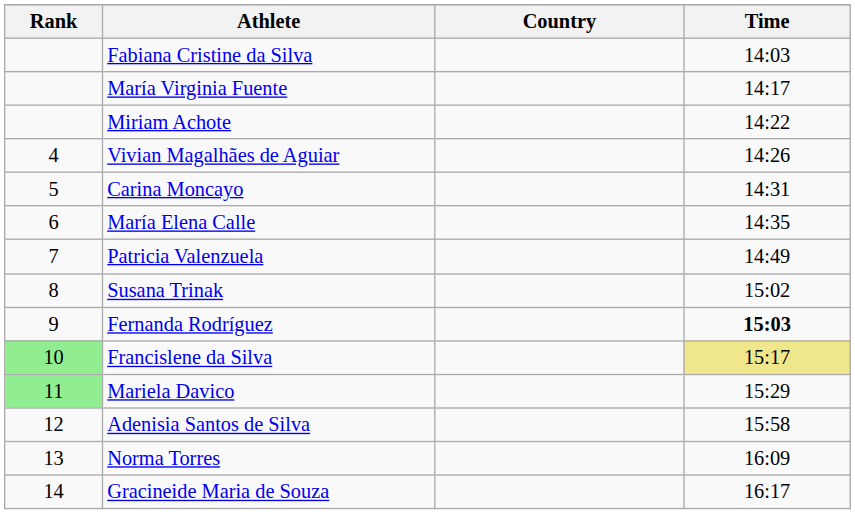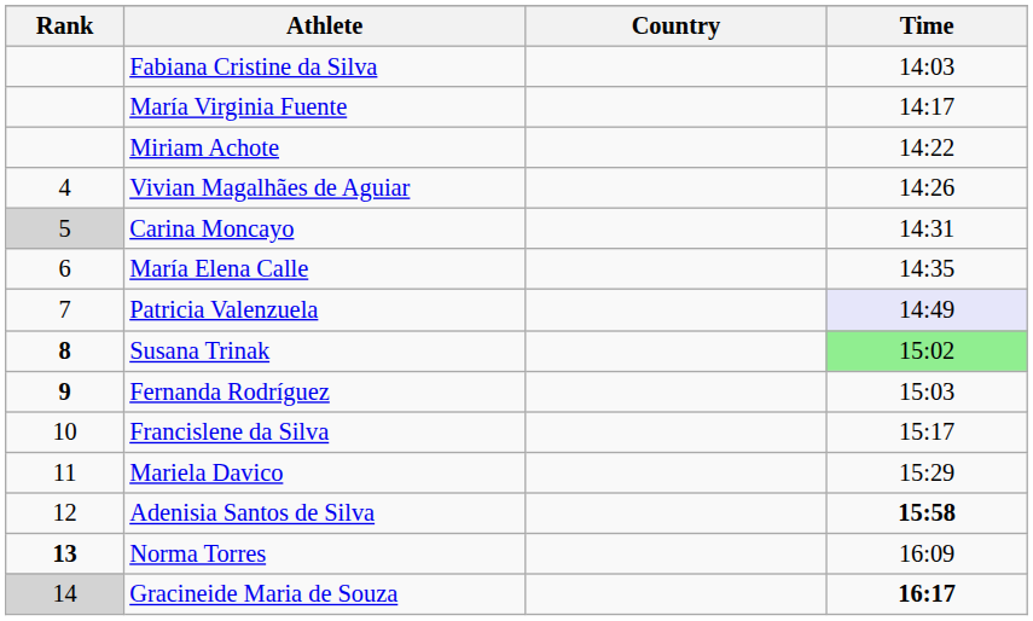 <table class="wikitable sortable" style=" text-align:center; font-size:95%;" width="50%">
 <tr>
 </tr>
 <tr>
 <th width=5%>Rank</th>
 <th width=20%>Athlete</th>
 <th width=15%>Country</th>
 <th width=10%>Time</th>
 </tr>
 <tr>
 <td align=center></td>
 <td align=left><a href='#'>Fabiana Cristine da Silva</a></td>
 <td align=left></td>
 <td>14:03</td>
 </tr>
 <tr>
 <td align=center></td>
 <td align=left><a href='#'>María Virginia Fuente</a></td>
 <td align=left></td>
 <td>14:17</td>
 </tr>
 <tr>
 <td align=center></td>
 <td align=left><a href='#'>Miriam Achote</a></td>
 <td align=left></td>
 <td>14:22</td>
 </tr>
 <tr>
 <td align=center>4</td>
 <td align=left><a href='#'>Vivian Magalhães de Aguiar</a></td>
 <td align=left></td>
 <td>14:26</td>
 </tr>
 <tr>
-<td align=center>5</td>
+<td align=center style="background: lightgrey;">5</td>
 <td align=left><a href='#'>Carina Moncayo</a></td>
 <td align=left></td>
 <td>14:31</td>
 </tr>
 <tr>
 <td align=center>6</td>
 <td align=left><a href='#'>María Elena Calle</a></td>
 <td align=left></td>
 <td>14:35</td>
 </tr>
 <tr>
 <td align=center>7</td>
 <td align=left><a href='#'>Patricia Valenzuela</a></td>
 <td align=left></td>
-<td>14:49</td>
+<td style="background: lavender;">14:49</td>
 </tr>
 <tr>
-<td align=center>8</td>
+<td align=center><strong>8</strong></td>
 <td align=left><a href='#'>Susana Trinak</a></td>
 <td align=left></td>
-<td>15:02</td>
+<td style="background: lightgreen;">15:02</td>
 </tr>
 <tr>
-<td align=center>9</td>
+<td align=center><strong>9</strong></td>
 <td align=left><a href='#'>Fernanda Rodríguez</a></td>
 <td align=left></td>
-<td><strong>15:03</strong></td>
+<td>15:03</td>
 </tr>
 <tr>
-<td align=center style="background: lightgreen;">10</td>
+<td align=center>10</td>
 <td align=left><a href='#'>Francislene da Silva</a></td>
 <td align=left></td>
-<td style="background: khaki;">15:17</td>
+<td>15:17</td>
 </tr>
 <tr>
-<td align=center style="background: lightgreen;">11</td>
+<td align=center>11</td>
 <td align=left><a href='#'>Mariela Davico</a></td>
 <td align=left></td>
 <td>15:29</td>
 </tr>
 <tr>
 <td align=center>12</td>
 <td align=left><a href='#'>Adenisia Santos de Silva</a></td>
 <td align=left></td>
-<td>15:58</td>
+<td><strong>15:58</strong></td>
 </tr>
 <tr>
-<td align=center>13</td>
+<td align=center><strong>13</strong></td>
 <td align=left><a href='#'>Norma Torres</a></td>
 <td align=left></td>
 <td>16:09</td>
 </tr>
 <tr>
-<td align=center>14</td>
+<td align=center style="background: lightgrey;">14</td>
 <td align=left><a href='#'>Gracineide Maria de Souza</a></td>
 <td align=left></td>
-<td>16:17</td>
+<td><strong>16:17</strong></td>
 </tr>
 </table>
